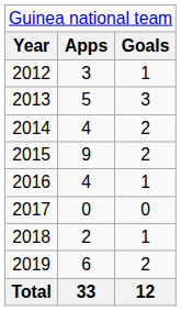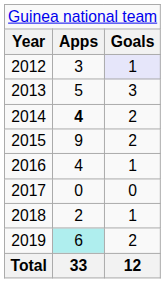 <table class="wikitable" style="text-align:center">
 <tr>
 <td colspan="3"><a href='#'>Guinea national team</a></td>
 </tr>
 <tr>
 <th>Year</th>
 <th>Apps</th>
 <th>Goals</th>
 </tr>
 <tr>
 <td>2012</td>
 <td>3</td>
-<td>1</td>
+<td style="background: lavender;">1</td>
 </tr>
 <tr>
 <td>2013</td>
 <td>5</td>
 <td>3</td>
 </tr>
 <tr>
 <td>2014</td>
-<td>4</td>
+<td><strong>4</strong></td>
 <td>2</td>
 </tr>
 <tr>
 <td>2015</td>
 <td>9</td>
 <td>2</td>
 </tr>
 <tr>
 <td>2016</td>
 <td>4</td>
 <td>1</td>
 </tr>
 <tr>
 <td>2017</td>
 <td>0</td>
 <td>0</td>
 </tr>
 <tr>
 <td>2018</td>
 <td>2</td>
 <td>1</td>
 </tr>
 <tr>
 <td>2019</td>
-<td>6</td>
+<td style="background: paleturquoise;">6</td>
 <td>2</td>
 </tr>
 <tr>
 <th>Total</th>
 <th>33</th>
 <th>12</th>
 </tr>
 </table>
